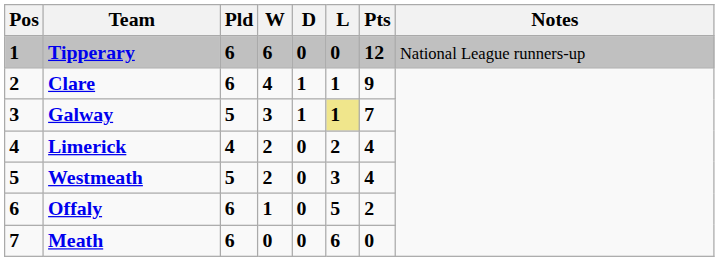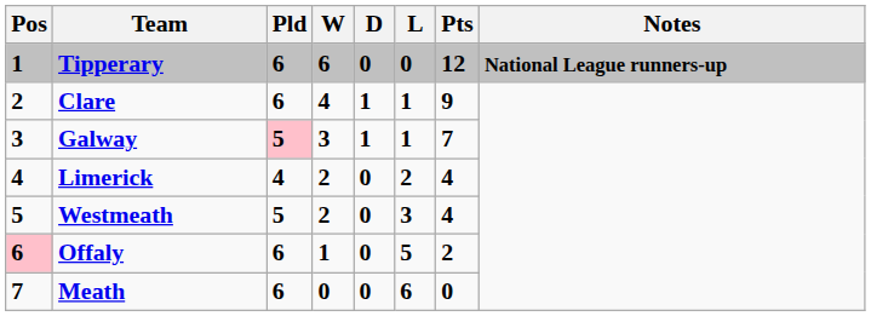 <table class="wikitable" style="text-align: centre;">
 <tr>
 <th width=20>Pos</th>
 <th width=135>Team</th>
 <th width=20>Pld</th>
 <th width=20>W</th>
 <th width=20>D</th>
 <th width=20>L</th>
 <th width=20>Pts</th>
 <th width=250>Notes</th>
 </tr>
 <tr style="background:silver;">
 <td><strong>1</strong></td>
 <td align=left><strong> <a href='#'>Tipperary</a> </strong></td>
 <td><strong>6</strong></td>
 <td><strong>6</strong></td>
 <td><strong>0</strong></td>
 <td><strong>0</strong></td>
 <td><strong>12</strong></td>
-<td><small>National League runners-up</small></td>
+<td><strong><small>National League runners-up</small></strong></td>
 </tr>
 <tr>
 <td><strong>2</strong></td>
 <td align=left><strong> <a href='#'>Clare</a> </strong></td>
 <td><strong>6</strong></td>
 <td><strong>4</strong></td>
 <td><strong>1</strong></td>
 <td><strong>1</strong></td>
 <td><strong>9</strong></td>
 </tr>
 <tr>
 <td><strong>3</strong></td>
 <td align=left><strong> <a href='#'>Galway</a> </strong></td>
-<td><strong>5</strong></td>
+<td style="background: pink;"><strong>5</strong></td>
 <td><strong>3</strong></td>
 <td><strong>1</strong></td>
-<td style="background: khaki;"><strong>1</strong></td>
+<td><strong>1</strong></td>
 <td><strong>7</strong></td>
 </tr>
 <tr>
 <td><strong>4</strong></td>
 <td align=left><strong> <a href='#'>Limerick</a> </strong></td>
 <td><strong>4</strong></td>
 <td><strong>2</strong></td>
 <td><strong>0</strong></td>
 <td><strong>2</strong></td>
 <td><strong>4</strong></td>
 </tr>
 <tr>
 <td><strong>5</strong></td>
 <td align=left><strong> <a href='#'>Westmeath</a> </strong></td>
 <td><strong>5</strong></td>
 <td><strong>2</strong></td>
 <td><strong>0</strong></td>
 <td><strong>3</strong></td>
 <td><strong>4</strong></td>
 </tr>
 <tr>
-<td><strong>6</strong></td>
+<td style="background: pink;"><strong>6</strong></td>
 <td align=left><strong> <a href='#'>Offaly</a> </strong></td>
 <td><strong>6</strong></td>
 <td><strong>1</strong></td>
 <td><strong>0</strong></td>
 <td><strong>5</strong></td>
 <td><strong>2</strong></td>
 </tr>
 <tr>
 <td><strong>7</strong></td>
 <td align=left><strong> <a href='#'>Meath</a> </strong></td>
 <td><strong>6</strong></td>
 <td><strong>0</strong></td>
 <td><strong>0</strong></td>
 <td><strong>6</strong></td>
 <td><strong>0</strong></td>
 </tr>
 </table>
